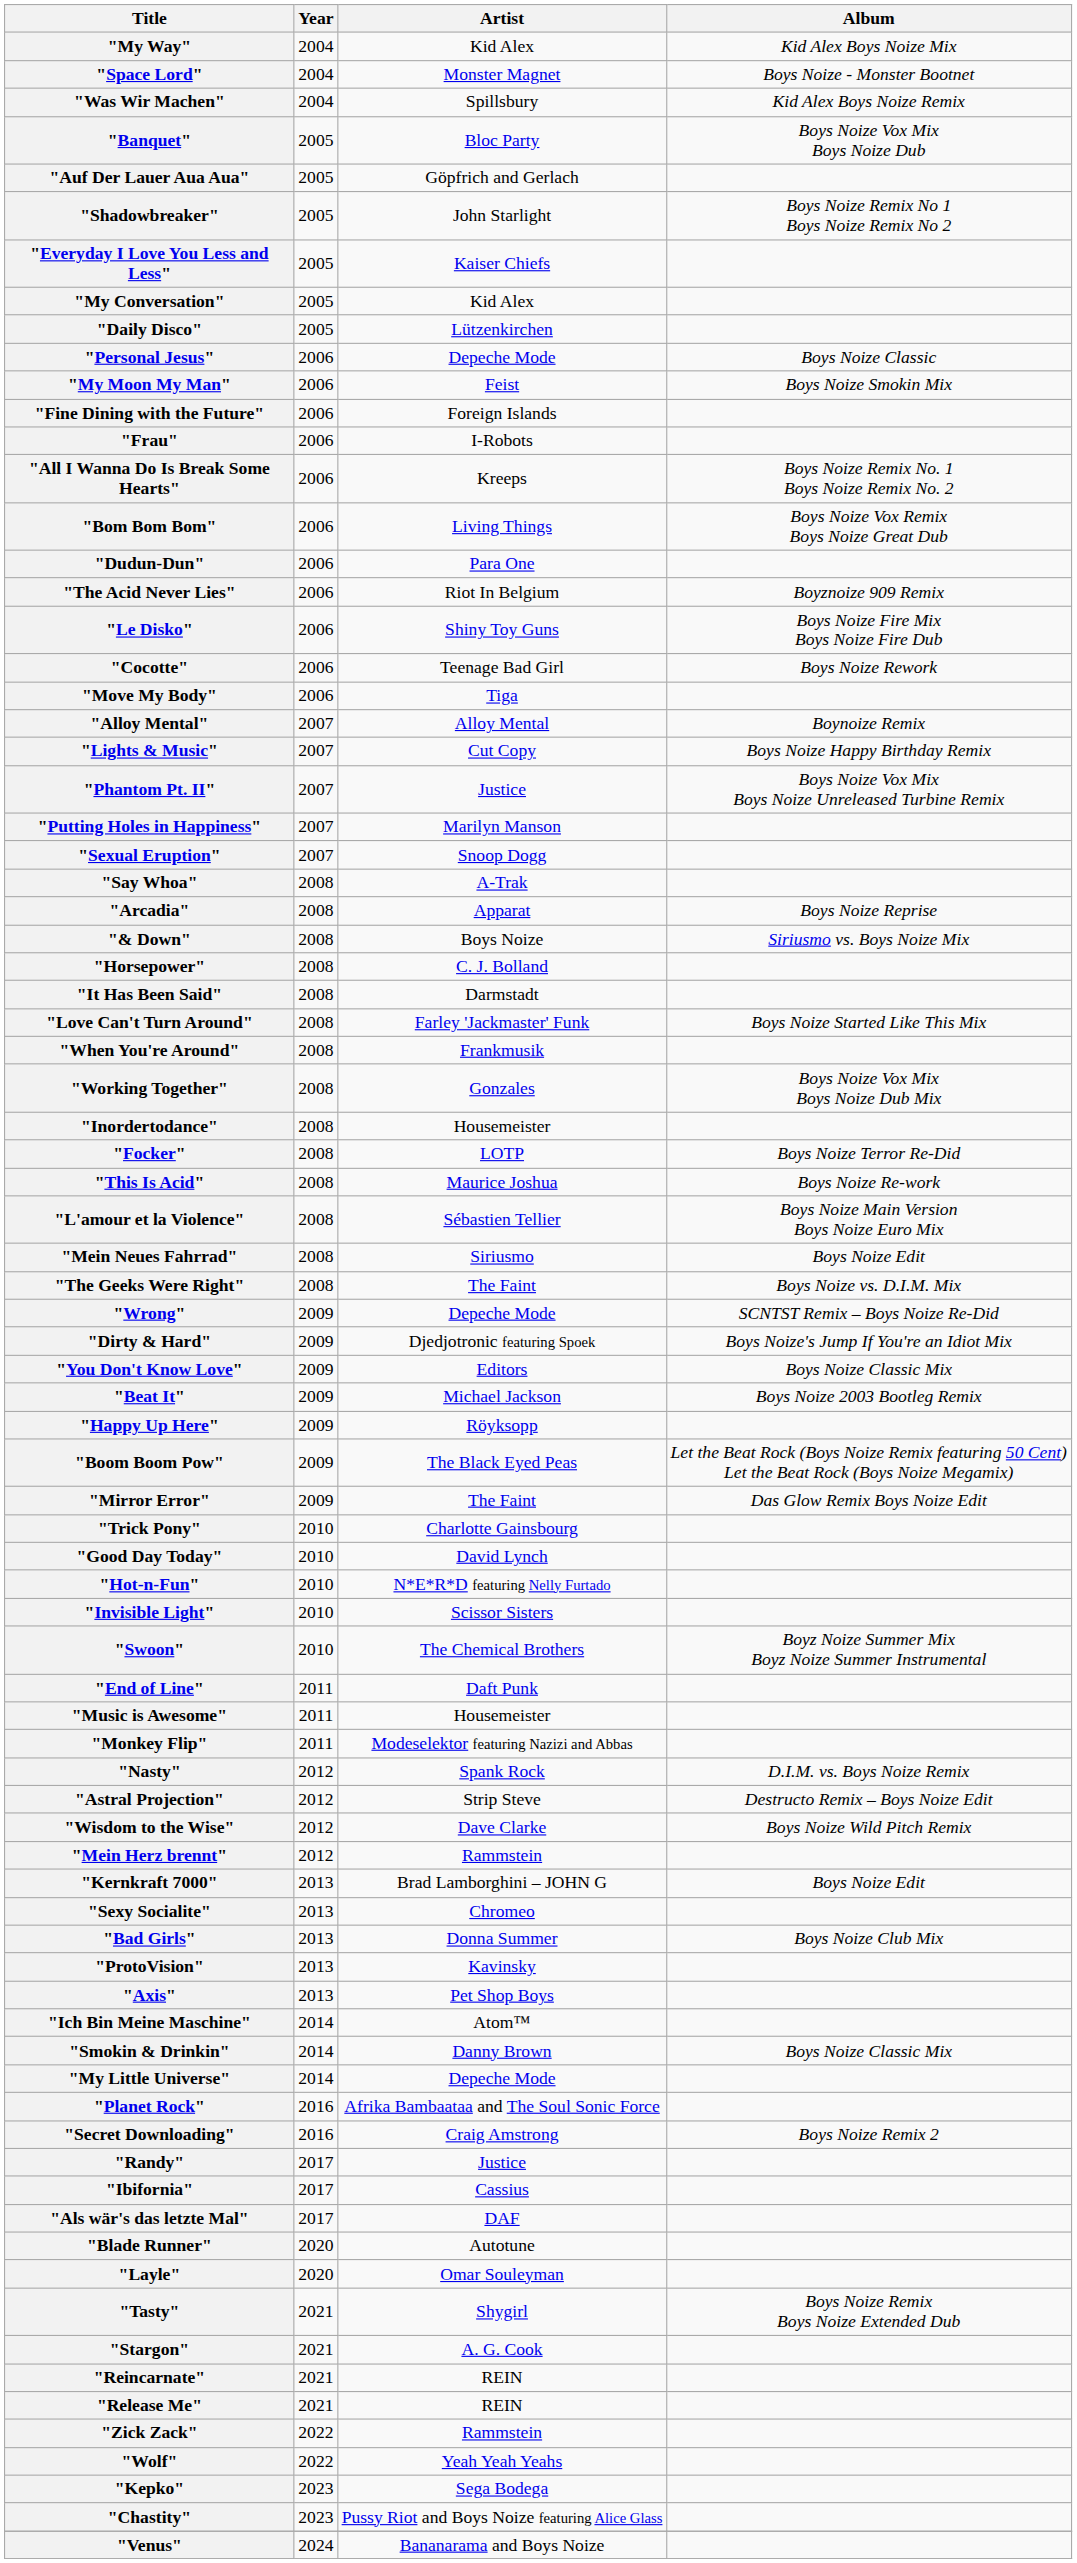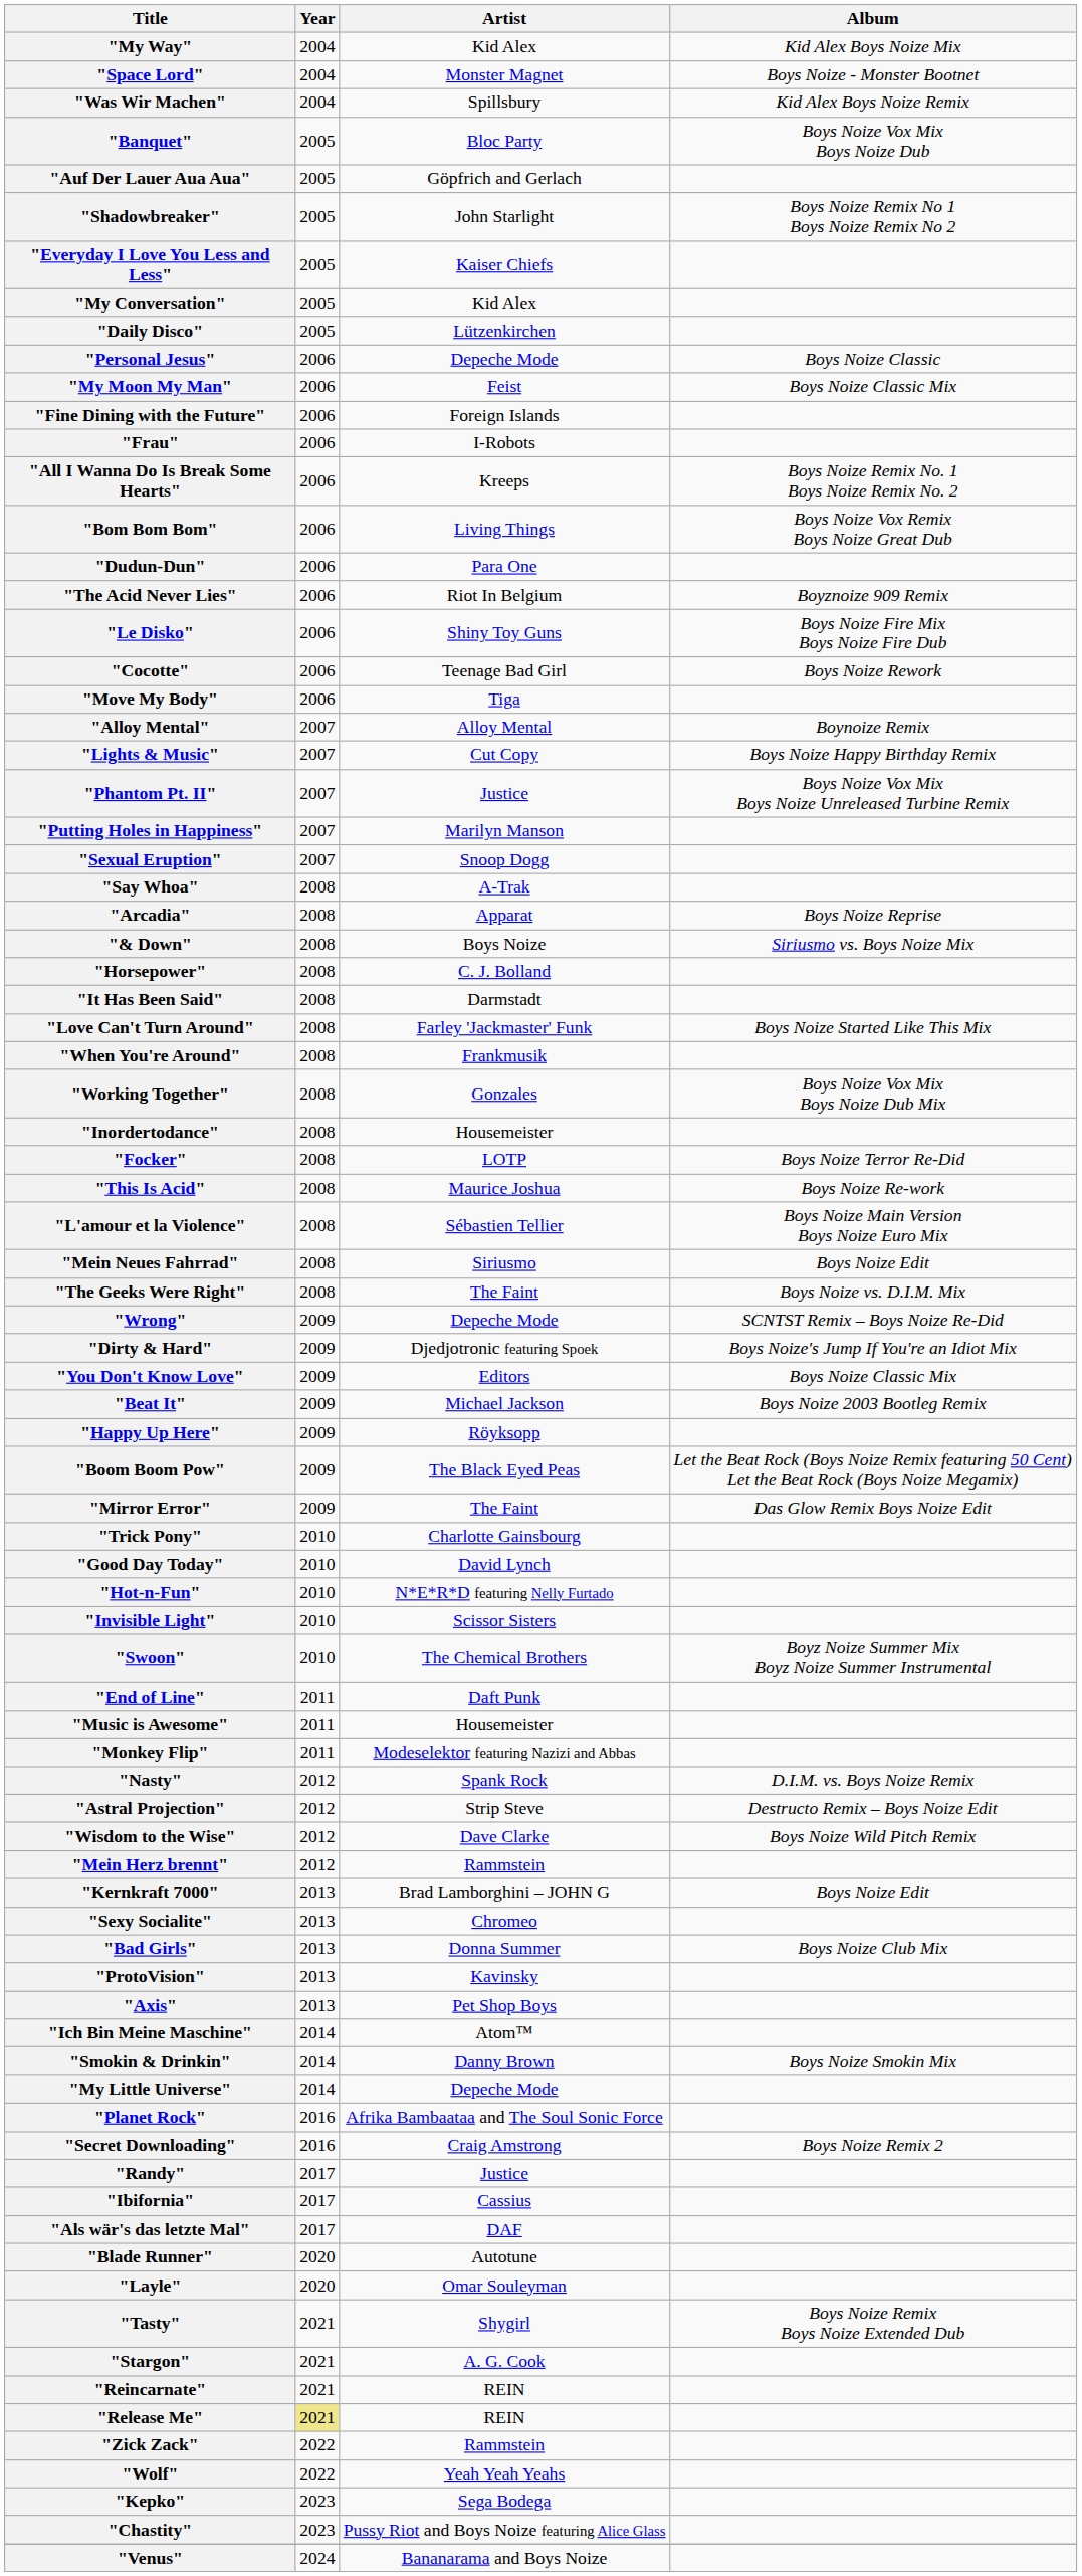 <table class="wikitable plainrowheaders" style="text-align:center;">
 <tr>
 <th scope="col" style="width:16em;">Title</th>
 <th scope="col">Year</th>
 <th scope="col">Artist</th>
 <th scope="col">Album</th>
 </tr>
 <tr>
 <th scope="row">"My Way"</th>
 <td>2004</td>
 <td>Kid Alex</td>
 <td><em>Kid Alex Boys Noize Mix</em></td>
 </tr>
 <tr>
 <th scope="row">"<a href='#'>Space Lord</a>"</th>
 <td>2004</td>
 <td><a href='#'>Monster Magnet</a></td>
 <td><em>Boys Noize - Monster Bootnet</em></td>
 </tr>
 <tr>
 <th scope="row">"Was Wir Machen"</th>
 <td>2004</td>
 <td>Spillsbury</td>
 <td><em>Kid Alex Boys Noize Remix</em></td>
 </tr>
 <tr>
 <th scope="row">"<a href='#'>Banquet</a>"</th>
 <td>2005</td>
 <td><a href='#'>Bloc Party</a></td>
 <td><em>Boys Noize Vox Mix</em><br><em>Boys Noize Dub</em></td>
 </tr>
 <tr>
 <th scope="row">"Auf Der Lauer Aua Aua"</th>
 <td>2005</td>
 <td>Göpfrich and Gerlach</td>
 <td></td>
 </tr>
 <tr>
 <th scope="row">"Shadowbreaker"</th>
 <td>2005</td>
 <td>John Starlight</td>
 <td><em>Boys Noize Remix No 1</em><br><em>Boys Noize Remix No 2</em></td>
 </tr>
 <tr>
 <th scope="row">"<a href='#'>Everyday I Love You Less and Less</a>"</th>
 <td>2005</td>
 <td><a href='#'>Kaiser Chiefs</a></td>
 <td></td>
 </tr>
 <tr>
 <th scope="row">"My Conversation"</th>
 <td>2005</td>
 <td>Kid Alex</td>
 <td></td>
 </tr>
 <tr>
 <th scope="row">"Daily Disco"</th>
 <td>2005</td>
 <td><a href='#'>Lützenkirchen</a></td>
 <td></td>
 </tr>
 <tr>
 <th scope="row">"<a href='#'>Personal Jesus</a>"</th>
 <td>2006</td>
 <td><a href='#'>Depeche Mode</a></td>
 <td><em>Boys Noize Classic</em></td>
 </tr>
 <tr>
 <th scope="row">"<a href='#'>My Moon My Man</a>"</th>
 <td>2006</td>
 <td><a href='#'>Feist</a></td>
-<td><em>Boys Noize Smokin Mix</em></td>
+<td><em>Boys Noize Classic Mix</em></td>
 </tr>
 <tr>
 <th scope="row">"Fine Dining with the Future"</th>
 <td>2006</td>
 <td>Foreign Islands</td>
 <td></td>
 </tr>
 <tr>
 <th scope="row">"Frau"</th>
 <td>2006</td>
 <td>I-Robots</td>
 <td></td>
 </tr>
 <tr>
 <th scope="row">"All I Wanna Do Is Break Some Hearts"</th>
 <td>2006</td>
 <td>Kreeps</td>
 <td><em>Boys Noize Remix No. 1</em><br><em>Boys Noize Remix No. 2</em></td>
 </tr>
 <tr>
 <th scope="row">"Bom Bom Bom"</th>
 <td>2006</td>
 <td><a href='#'>Living Things</a></td>
 <td><em>Boys Noize Vox Remix</em><br><em>Boys Noize Great Dub</em></td>
 </tr>
 <tr>
 <th scope="row">"Dudun-Dun"</th>
 <td>2006</td>
 <td><a href='#'>Para One</a></td>
 <td></td>
 </tr>
 <tr>
 <th scope="row">"The Acid Never Lies"</th>
 <td>2006</td>
 <td>Riot In Belgium</td>
 <td><em>Boyznoize 909 Remix</em></td>
 </tr>
 <tr>
 <th scope="row">"<a href='#'>Le Disko</a>"</th>
 <td>2006</td>
 <td><a href='#'>Shiny Toy Guns</a></td>
 <td><em>Boys Noize Fire Mix</em><br><em>Boys Noize Fire Dub</em></td>
 </tr>
 <tr>
 <th scope="row">"Cocotte"</th>
 <td>2006</td>
 <td>Teenage Bad Girl</td>
 <td><em>Boys Noize Rework</em></td>
 </tr>
 <tr>
 <th scope="row">"Move My Body"</th>
 <td>2006</td>
 <td><a href='#'>Tiga</a></td>
 <td></td>
 </tr>
 <tr>
 <th scope="row">"Alloy Mental"</th>
 <td>2007</td>
 <td><a href='#'>Alloy Mental</a></td>
 <td><em>Boynoize Remix</em></td>
 </tr>
 <tr>
 <th scope="row">"<a href='#'>Lights & Music</a>"</th>
 <td>2007</td>
 <td><a href='#'>Cut Copy</a></td>
 <td><em>Boys Noize Happy Birthday Remix</em></td>
 </tr>
 <tr>
 <th scope="row">"<a href='#'>Phantom Pt. II</a>"</th>
 <td>2007</td>
 <td><a href='#'>Justice</a></td>
 <td><em>Boys Noize Vox Mix</em><br><em>Boys Noize Unreleased Turbine Remix</em></td>
 </tr>
 <tr>
 <th scope="row">"<a href='#'>Putting Holes in Happiness</a>"</th>
 <td>2007</td>
 <td><a href='#'>Marilyn Manson</a></td>
 <td></td>
 </tr>
 <tr>
 <th scope="row">"<a href='#'>Sexual Eruption</a>"</th>
 <td>2007</td>
 <td><a href='#'>Snoop Dogg</a></td>
 <td></td>
 </tr>
 <tr>
 <th scope="row">"Say Whoa"</th>
 <td>2008</td>
 <td><a href='#'>A-Trak</a></td>
 <td></td>
 </tr>
 <tr>
 <th scope="row">"Arcadia"</th>
 <td>2008</td>
 <td><a href='#'>Apparat</a></td>
 <td><em>Boys Noize Reprise</em></td>
 </tr>
 <tr>
 <th scope="row">"& Down"</th>
 <td>2008</td>
 <td>Boys Noize</td>
 <td><em><a href='#'>Siriusmo</a> vs. Boys Noize Mix</em></td>
 </tr>
 <tr>
 <th scope="row">"Horsepower"</th>
 <td>2008</td>
 <td><a href='#'>C. J. Bolland</a></td>
 <td></td>
 </tr>
 <tr>
 <th scope="row">"It Has Been Said"</th>
 <td>2008</td>
 <td>Darmstadt</td>
 <td></td>
 </tr>
 <tr>
 <th scope="row">"Love Can't Turn Around"</th>
 <td>2008</td>
 <td><a href='#'>Farley 'Jackmaster' Funk</a></td>
 <td><em>Boys Noize Started Like This Mix</em></td>
 </tr>
 <tr>
 <th scope="row">"When You're Around"</th>
 <td>2008</td>
 <td><a href='#'>Frankmusik</a></td>
 <td></td>
 </tr>
 <tr>
 <th scope="row">"Working Together"</th>
 <td>2008</td>
 <td><a href='#'>Gonzales</a></td>
 <td><em>Boys Noize Vox Mix</em><br><em>Boys Noize Dub Mix</em></td>
 </tr>
 <tr>
 <th scope="row">"Inordertodance"</th>
 <td>2008</td>
 <td>Housemeister</td>
 <td></td>
 </tr>
 <tr>
 <th scope="row">"<a href='#'>Focker</a>"</th>
 <td>2008</td>
 <td><a href='#'>LOTP</a></td>
 <td><em>Boys Noize Terror Re-Did</em></td>
 </tr>
 <tr>
 <th scope="row">"<a href='#'>This Is Acid</a>"</th>
 <td>2008</td>
 <td><a href='#'>Maurice Joshua</a></td>
 <td><em>Boys Noize Re-work</em></td>
 </tr>
 <tr>
 <th scope="row">"L'amour et la Violence"</th>
 <td>2008</td>
 <td><a href='#'>Sébastien Tellier</a></td>
 <td><em>Boys Noize Main Version</em><br><em>Boys Noize Euro Mix</em></td>
 </tr>
 <tr>
 <th scope="row">"Mein Neues Fahrrad"</th>
 <td>2008</td>
 <td><a href='#'>Siriusmo</a></td>
 <td><em>Boys Noize Edit</em></td>
 </tr>
 <tr>
 <th scope="row">"The Geeks Were Right"</th>
 <td>2008</td>
 <td><a href='#'>The Faint</a></td>
 <td><em>Boys Noize vs. D.I.M. Mix</em></td>
 </tr>
 <tr>
 <th scope="row">"<a href='#'>Wrong</a>"</th>
 <td>2009</td>
 <td><a href='#'>Depeche Mode</a></td>
 <td><em>SCNTST Remix – Boys Noize Re-Did</em></td>
 </tr>
 <tr>
 <th scope="row">"Dirty & Hard"</th>
 <td>2009</td>
 <td>Djedjotronic <small>featuring Spoek</small></td>
 <td><em>Boys Noize's Jump If You're an Idiot Mix</em></td>
 </tr>
 <tr>
 <th scope="row">"<a href='#'>You Don't Know Love</a>"</th>
 <td>2009</td>
 <td><a href='#'>Editors</a></td>
 <td><em>Boys Noize Classic Mix</em></td>
 </tr>
 <tr>
 <th scope="row">"<a href='#'>Beat It</a>"</th>
 <td>2009</td>
 <td><a href='#'>Michael Jackson</a></td>
 <td><em>Boys Noize 2003 Bootleg Remix</em></td>
 </tr>
 <tr>
 <th scope="row">"<a href='#'>Happy Up Here</a>"</th>
 <td>2009</td>
 <td><a href='#'>Röyksopp</a></td>
 <td></td>
 </tr>
 <tr>
 <th scope="row">"Boom Boom Pow"</th>
 <td>2009</td>
 <td><a href='#'>The Black Eyed Peas</a></td>
 <td><em>Let the Beat Rock (Boys Noize Remix featuring <a href='#'>50 Cent</a>)</em><br><em>Let the Beat Rock (Boys Noize Megamix)</em></td>
 </tr>
 <tr>
 <th scope="row">"Mirror Error"</th>
 <td>2009</td>
 <td><a href='#'>The Faint</a></td>
 <td><em>Das Glow Remix Boys Noize Edit</em></td>
 </tr>
 <tr>
 <th scope="row">"Trick Pony"</th>
 <td>2010</td>
 <td><a href='#'>Charlotte Gainsbourg</a></td>
 <td></td>
 </tr>
 <tr>
 <th scope="row">"Good Day Today"</th>
 <td>2010</td>
 <td><a href='#'>David Lynch</a></td>
 <td></td>
 </tr>
 <tr>
 <th scope="row">"<a href='#'>Hot-n-Fun</a>"</th>
 <td>2010</td>
 <td><a href='#'>N*E*R*D</a> <small>featuring <a href='#'>Nelly Furtado</a></small></td>
 <td></td>
 </tr>
 <tr>
 <th scope="row">"<a href='#'>Invisible Light</a>"</th>
 <td>2010</td>
 <td><a href='#'>Scissor Sisters</a></td>
 <td></td>
 </tr>
 <tr>
 <th scope="row">"<a href='#'>Swoon</a>"</th>
 <td>2010</td>
 <td><a href='#'>The Chemical Brothers</a></td>
 <td><em>Boyz Noize Summer Mix</em><br><em>Boyz Noize Summer Instrumental</em></td>
 </tr>
 <tr>
 <th scope="row">"<a href='#'>End of Line</a>"</th>
 <td>2011</td>
 <td><a href='#'>Daft Punk</a></td>
 <td></td>
 </tr>
 <tr>
 <th scope="row">"Music is Awesome"</th>
 <td>2011</td>
 <td>Housemeister</td>
 <td></td>
 </tr>
 <tr>
 <th scope="row">"Monkey Flip"</th>
 <td>2011</td>
 <td><a href='#'>Modeselektor</a> <small>featuring Nazizi and Abbas</small></td>
 <td></td>
 </tr>
 <tr>
 <th scope="row">"Nasty"</th>
 <td>2012</td>
 <td><a href='#'>Spank Rock</a></td>
 <td><em>D.I.M. vs. Boys Noize Remix</em></td>
 </tr>
 <tr>
 <th scope="row">"Astral Projection"</th>
 <td>2012</td>
 <td>Strip Steve</td>
 <td><em>Destructo Remix – Boys Noize Edit</em></td>
 </tr>
 <tr>
 <th scope="row">"Wisdom to the Wise"</th>
 <td>2012</td>
 <td><a href='#'>Dave Clarke</a></td>
 <td><em>Boys Noize Wild Pitch Remix</em></td>
 </tr>
 <tr>
 <th scope="row">"<a href='#'>Mein Herz brennt</a>"</th>
 <td>2012</td>
 <td><a href='#'>Rammstein</a></td>
 <td></td>
 </tr>
 <tr>
 <th scope="row">"Kernkraft 7000"</th>
 <td>2013</td>
 <td>Brad Lamborghini – JOHN G</td>
 <td><em>Boys Noize Edit</em></td>
 </tr>
 <tr>
 <th scope="row">"Sexy Socialite"</th>
 <td>2013</td>
 <td><a href='#'>Chromeo</a></td>
 <td></td>
 </tr>
 <tr>
 <th scope="row">"<a href='#'>Bad Girls</a>"</th>
 <td>2013</td>
 <td><a href='#'>Donna Summer</a></td>
 <td><em>Boys Noize Club Mix</em></td>
 </tr>
 <tr>
 <th scope="row">"ProtoVision"</th>
 <td>2013</td>
 <td><a href='#'>Kavinsky</a></td>
 <td></td>
 </tr>
 <tr>
 <th scope="row">"<a href='#'>Axis</a>"</th>
 <td>2013</td>
 <td><a href='#'>Pet Shop Boys</a></td>
 <td></td>
 </tr>
 <tr>
 <th scope="row">"Ich Bin Meine Maschine"</th>
 <td>2014</td>
 <td>Atom™</td>
 <td></td>
 </tr>
 <tr>
 <th scope="row">"Smokin & Drinkin"</th>
 <td>2014</td>
 <td><a href='#'>Danny Brown</a></td>
-<td><em>Boys Noize Classic Mix</em></td>
+<td><em>Boys Noize Smokin Mix</em></td>
 </tr>
 <tr>
 <th scope="row">"My Little Universe"</th>
 <td>2014</td>
 <td><a href='#'>Depeche Mode</a></td>
 <td></td>
 </tr>
 <tr>
 <th scope="row">"<a href='#'>Planet Rock</a>"</th>
 <td>2016</td>
 <td><a href='#'>Afrika Bambaataa</a> and <a href='#'>The Soul Sonic Force</a></td>
 <td></td>
 </tr>
 <tr>
 <th scope="row">"Secret Downloading"</th>
 <td>2016</td>
 <td><a href='#'>Craig Amstrong</a></td>
 <td><em>Boys Noize Remix 2</em></td>
 </tr>
 <tr>
 <th scope="row">"Randy"</th>
 <td>2017</td>
 <td><a href='#'>Justice</a></td>
 <td></td>
 </tr>
 <tr>
 <th scope="row">"Ibifornia"</th>
 <td>2017</td>
 <td><a href='#'>Cassius</a></td>
 <td></td>
 </tr>
 <tr>
 <th scope="row">"Als wär's das letzte Mal"</th>
 <td>2017</td>
 <td><a href='#'>DAF</a></td>
 <td></td>
 </tr>
 <tr>
 <th scope="row">"Blade Runner"</th>
 <td>2020</td>
 <td>Autotune</td>
 <td></td>
 </tr>
 <tr>
 <th scope="row">"Layle"</th>
 <td>2020</td>
 <td><a href='#'>Omar Souleyman</a></td>
 <td></td>
 </tr>
 <tr>
 <th scope="row">"Tasty"</th>
 <td>2021</td>
 <td><a href='#'>Shygirl</a></td>
 <td><em>Boys Noize Remix</em><br><em>Boys Noize Extended Dub</em></td>
 </tr>
 <tr>
 <th scope="row">"Stargon"</th>
 <td>2021</td>
 <td><a href='#'>A. G. Cook</a></td>
 <td></td>
 </tr>
 <tr>
 <th scope="row">"Reincarnate"</th>
 <td>2021</td>
 <td>REIN</td>
 <td></td>
 </tr>
 <tr>
 <th scope="row">"Release Me"</th>
-<td>2021</td>
+<td style="background: khaki;">2021</td>
 <td>REIN</td>
 <td></td>
 </tr>
 <tr>
 <th scope="row">"Zick Zack"</th>
 <td>2022</td>
 <td><a href='#'>Rammstein</a></td>
 <td></td>
 </tr>
 <tr>
 <th scope="row">"Wolf"</th>
 <td>2022</td>
 <td><a href='#'>Yeah Yeah Yeahs</a></td>
 <td></td>
 </tr>
 <tr>
 <th scope="row">"Kepko"</th>
 <td>2023</td>
 <td><a href='#'>Sega Bodega</a></td>
 <td></td>
 </tr>
 <tr>
 <th scope="row">"Chastity"</th>
 <td>2023</td>
 <td><a href='#'>Pussy Riot</a> and Boys Noize <small>featuring <a href='#'>Alice Glass</a></small></td>
 <td></td>
 </tr>
 <tr>
 </tr>
 <tr>
 <th scope="row">"Venus"</th>
 <td>2024</td>
 <td><a href='#'>Bananarama</a> and Boys Noize</td>
 <td></td>
 </tr>
 <tr>
 </tr>
 </table>
